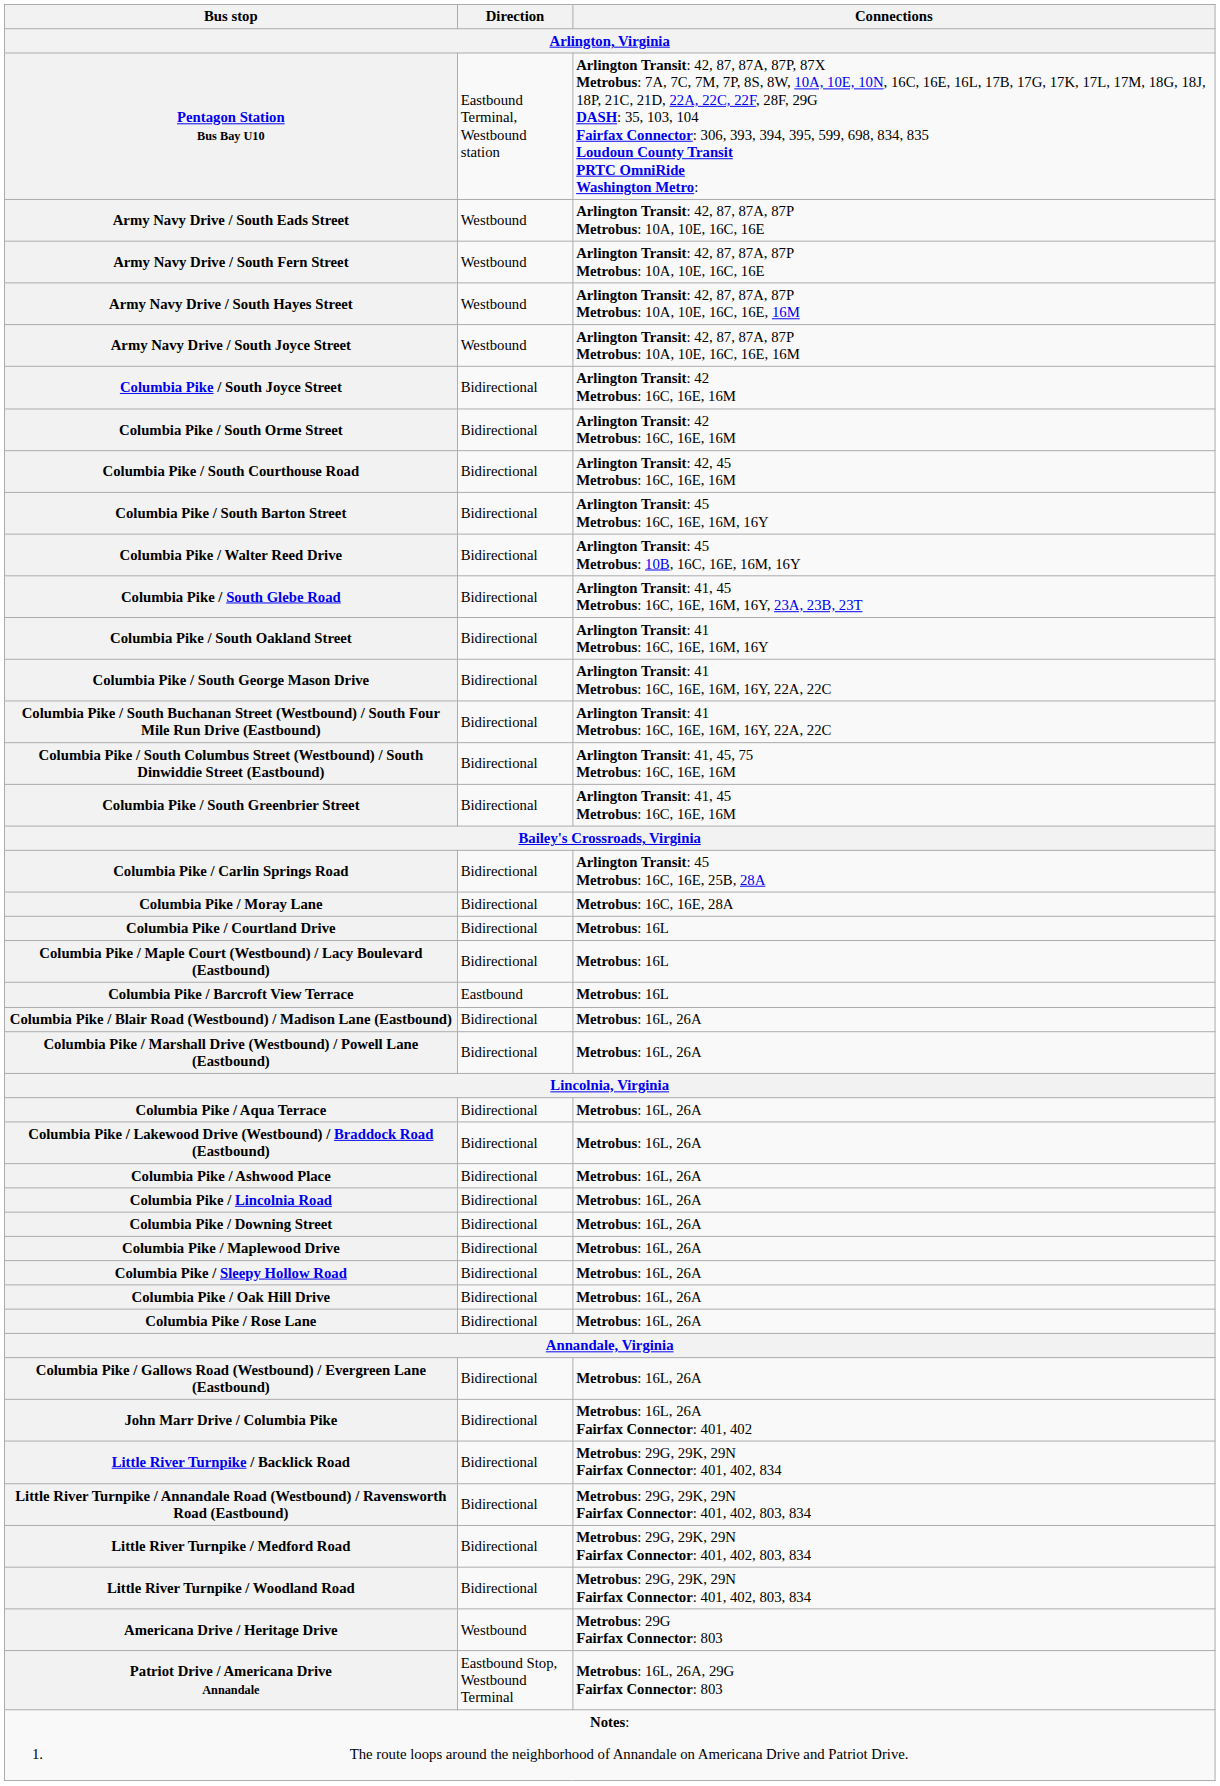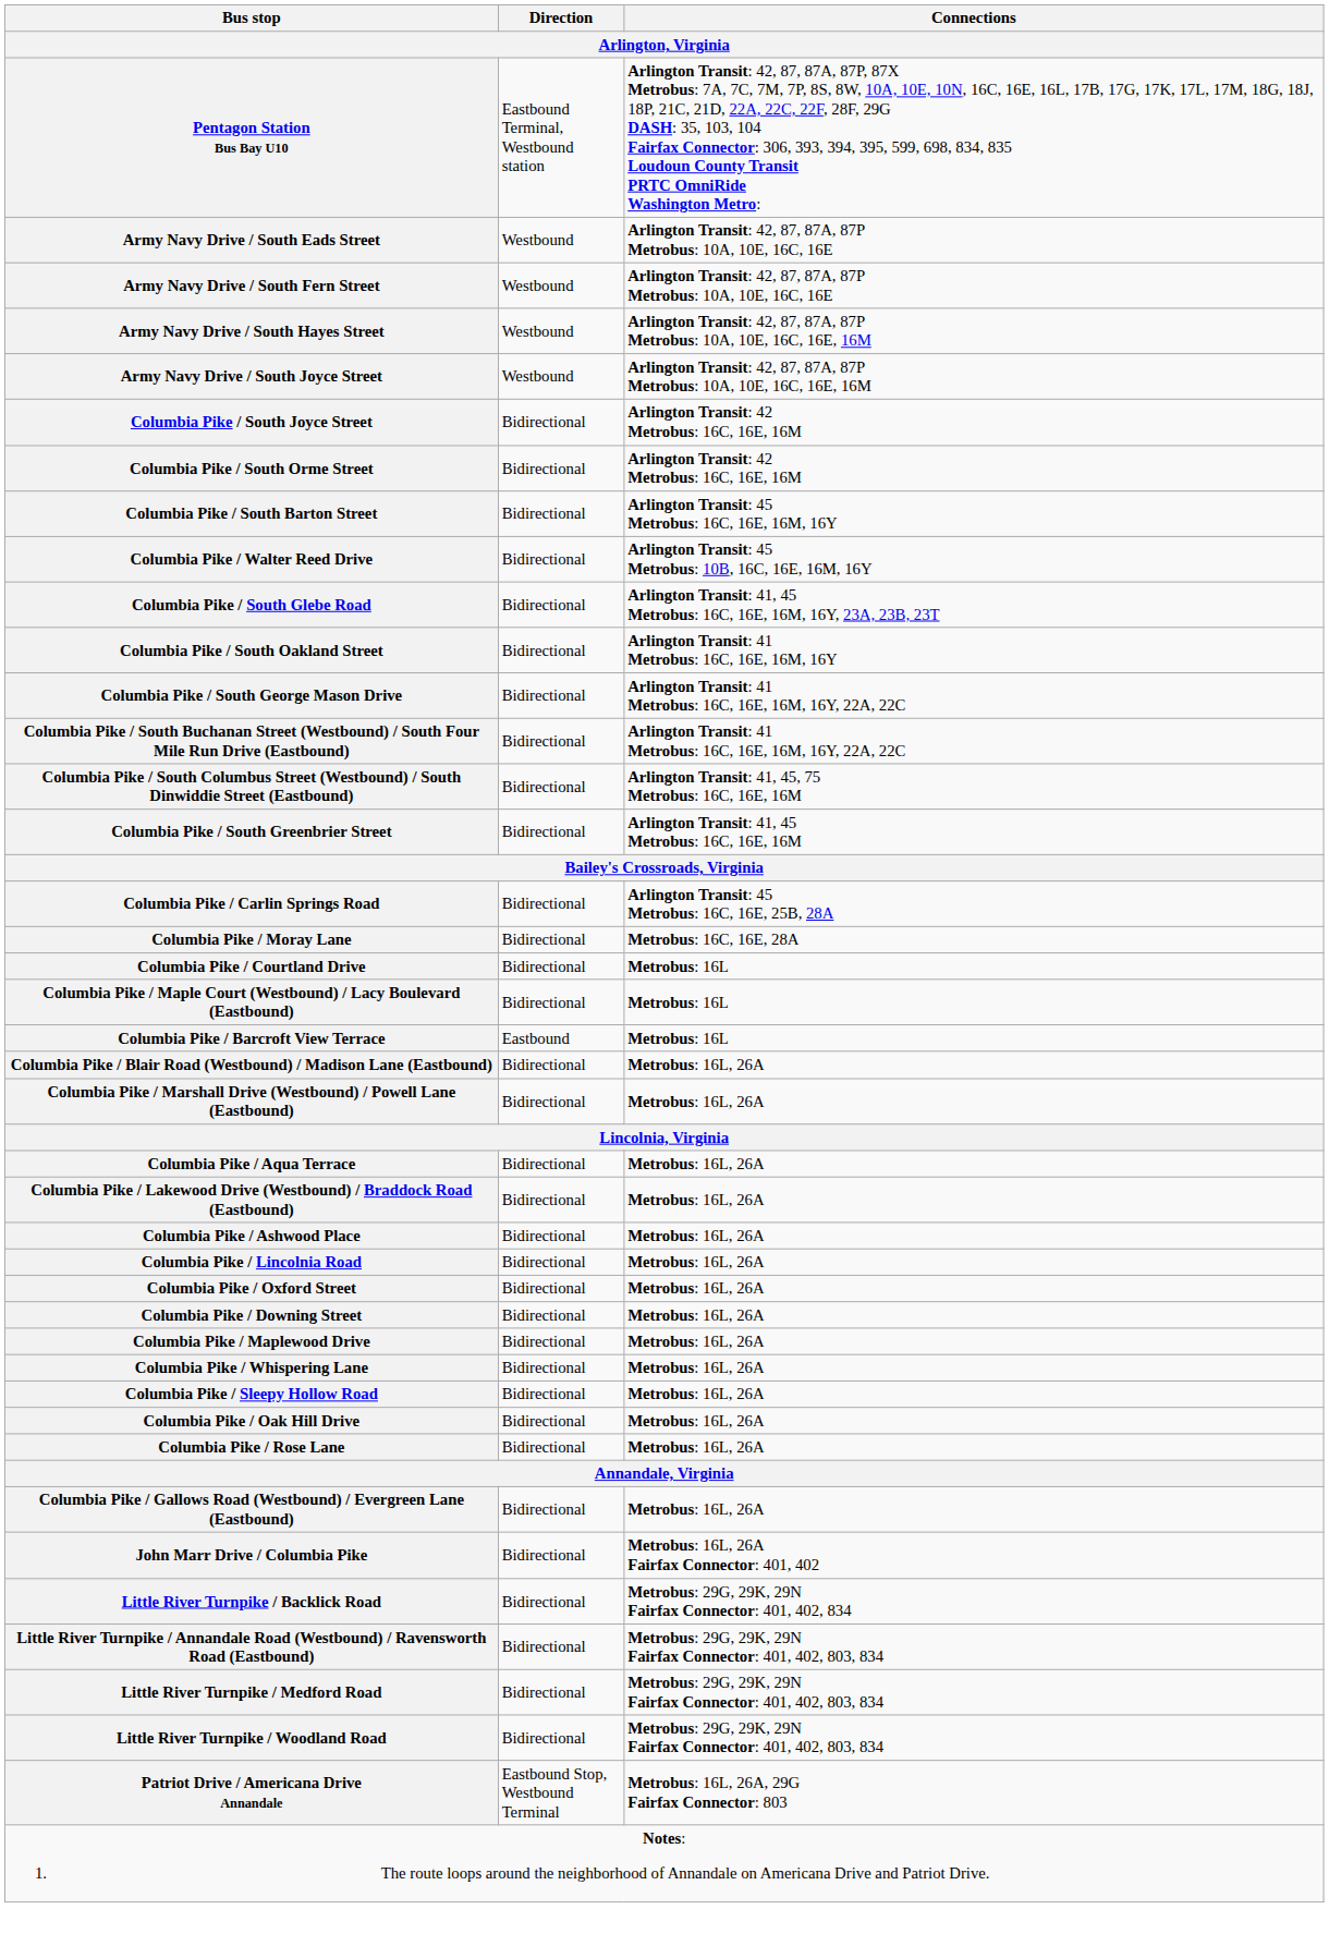 <table class="wikitable collapsible collapsed" style="font-size: 95%;">
 <tr>
 <th>Bus stop</th>
 <th>Direction</th>
 <th>Connections</th>
 </tr>
 <tr>
 <th colspan="3"><a href='#'>Arlington, Virginia</a></th>
 </tr>
 <tr>
 <th><a href='#'>Pentagon Station</a><br><small>Bus Bay U10</small></th>
 <td>Eastbound Terminal,<br> Westbound station</td>
 <td> <strong>Arlington Transit</strong>: 42, 87, 87A, 87P, 87X<br> <strong>Metrobus</strong>: 7A, 7C, 7M, 7P, 8S, 8W, <a href='#'>10A, 10E, 10N</a>, 16C, 16E, 16L, 17B, 17G, 17K, 17L, 17M, 18G, 18J, 18P, 21C, 21D, <a href='#'>22A, 22C, 22F</a>, 28F, 29G<br> <strong><a href='#'>DASH</a></strong>: 35, 103, 104<br> <strong><a href='#'>Fairfax Connector</a></strong>: 306, 393, 394, 395, 599, 698, 834, 835<br> <strong><a href='#'>Loudoun County Transit</a></strong><br> <strong><a href='#'>PRTC OmniRide</a></strong><br> <strong><a href='#'>Washington Metro</a></strong>:  </td>
 </tr>
 <tr>
 <th>Army Navy Drive / South Eads Street</th>
 <td>Westbound</td>
 <td> <strong>Arlington Transit</strong>: 42, 87, 87A, 87P<br> <strong>Metrobus</strong>: 10A, 10E, 16C, 16E</td>
 </tr>
 <tr>
 <th>Army Navy Drive / South Fern Street</th>
 <td>Westbound</td>
 <td> <strong>Arlington Transit</strong>: 42, 87, 87A, 87P<br> <strong>Metrobus</strong>: 10A, 10E, 16C, 16E</td>
 </tr>
 <tr>
 <th>Army Navy Drive / South Hayes Street</th>
 <td>Westbound</td>
 <td> <strong>Arlington Transit</strong>: 42, 87, 87A, 87P<br> <strong>Metrobus</strong>: 10A, 10E, 16C, 16E, <a href='#'>16M</a></td>
 </tr>
 <tr>
 <th>Army Navy Drive / South Joyce Street</th>
 <td>Westbound</td>
 <td> <strong>Arlington Transit</strong>: 42, 87, 87A, 87P<br> <strong>Metrobus</strong>: 10A, 10E, 16C, 16E, 16M</td>
 </tr>
 <tr>
 <th><a href='#'>Columbia Pike</a> / South Joyce Street</th>
 <td>Bidirectional</td>
 <td> <strong>Arlington Transit</strong>: 42<br> <strong>Metrobus</strong>: 16C, 16E, 16M</td>
 </tr>
 <tr>
 <th>Columbia Pike / South Orme Street</th>
 <td>Bidirectional</td>
 <td> <strong>Arlington Transit</strong>: 42<br> <strong>Metrobus</strong>: 16C, 16E, 16M</td>
-</tr>
-<tr>
-<th>Columbia Pike / South Courthouse Road</th>
-<td>Bidirectional</td>
-<td> <strong>Arlington Transit</strong>: 42, 45<br> <strong>Metrobus</strong>: 16C, 16E, 16M</td>
 </tr>
 <tr>
 <th>Columbia Pike / South Barton Street</th>
 <td>Bidirectional</td>
 <td> <strong>Arlington Transit</strong>: 45<br> <strong>Metrobus</strong>: 16C, 16E, 16M, 16Y</td>
 </tr>
 <tr>
 <th>Columbia Pike / Walter Reed Drive</th>
 <td>Bidirectional</td>
 <td> <strong>Arlington Transit</strong>: 45<br> <strong>Metrobus</strong>: <a href='#'>10B</a>, 16C, 16E, 16M, 16Y</td>
 </tr>
 <tr>
 <th>Columbia Pike / <a href='#'>South Glebe Road</a></th>
 <td>Bidirectional</td>
 <td> <strong>Arlington Transit</strong>: 41, 45<br> <strong>Metrobus</strong>: 16C, 16E, 16M, 16Y, <a href='#'>23A, 23B, 23T</a></td>
 </tr>
 <tr>
 <th>Columbia Pike / South Oakland Street</th>
 <td>Bidirectional</td>
 <td> <strong>Arlington Transit</strong>: 41<br> <strong>Metrobus</strong>: 16C, 16E, 16M, 16Y</td>
 </tr>
 <tr>
 <th>Columbia Pike / South George Mason Drive</th>
 <td>Bidirectional</td>
 <td> <strong>Arlington Transit</strong>: 41<br> <strong>Metrobus</strong>: 16C, 16E, 16M, 16Y, 22A, 22C</td>
 </tr>
 <tr>
 <th>Columbia Pike / South Buchanan Street (Westbound) / South Four Mile Run Drive (Eastbound)</th>
 <td>Bidirectional</td>
 <td> <strong>Arlington Transit</strong>: 41<br> <strong>Metrobus</strong>: 16C, 16E, 16M, 16Y, 22A, 22C</td>
 </tr>
 <tr>
 <th>Columbia Pike / South Columbus Street (Westbound) / South Dinwiddie Street (Eastbound)</th>
 <td>Bidirectional</td>
 <td> <strong>Arlington Transit</strong>: 41, 45, 75<br> <strong>Metrobus</strong>: 16C, 16E, 16M</td>
 </tr>
 <tr>
 <th>Columbia Pike / South Greenbrier Street</th>
 <td>Bidirectional</td>
 <td> <strong>Arlington Transit</strong>: 41, 45<br> <strong>Metrobus</strong>: 16C, 16E, 16M</td>
 </tr>
 <tr>
 <th colspan="3"><a href='#'>Bailey's Crossroads, Virginia</a></th>
 </tr>
 <tr>
 <th>Columbia Pike / Carlin Springs Road</th>
 <td>Bidirectional</td>
 <td> <strong>Arlington Transit</strong>: 45<br> <strong>Metrobus</strong>: 16C, 16E, 25B, <a href='#'>28A</a></td>
 </tr>
 <tr>
 <th>Columbia Pike / Moray Lane</th>
 <td>Bidirectional</td>
 <td> <strong>Metrobus</strong>: 16C, 16E, 28A</td>
 </tr>
 <tr>
 <th>Columbia Pike / Courtland Drive</th>
 <td>Bidirectional</td>
 <td> <strong>Metrobus</strong>: 16L</td>
 </tr>
 <tr>
 <th>Columbia Pike / Maple Court (Westbound) / Lacy Boulevard (Eastbound)</th>
 <td>Bidirectional</td>
 <td> <strong>Metrobus</strong>: 16L</td>
 </tr>
 <tr>
 <th>Columbia Pike / Barcroft View Terrace</th>
 <td>Eastbound</td>
 <td> <strong>Metrobus</strong>: 16L</td>
 </tr>
 <tr>
 <th>Columbia Pike / Blair Road (Westbound) / Madison Lane (Eastbound)</th>
 <td>Bidirectional</td>
 <td> <strong>Metrobus</strong>: 16L, 26A</td>
 </tr>
 <tr>
 <th>Columbia Pike / Marshall Drive (Westbound) / Powell Lane (Eastbound)</th>
 <td>Bidirectional</td>
 <td> <strong>Metrobus</strong>: 16L, 26A</td>
 </tr>
 <tr>
 <th colspan="3"><a href='#'>Lincolnia, Virginia</a></th>
 </tr>
 <tr>
 <th>Columbia Pike / Aqua Terrace</th>
 <td>Bidirectional</td>
 <td> <strong>Metrobus</strong>: 16L, 26A</td>
 </tr>
 <tr>
 <th>Columbia Pike / Lakewood Drive (Westbound) / <a href='#'>Braddock Road</a> (Eastbound)</th>
 <td>Bidirectional</td>
 <td> <strong>Metrobus</strong>: 16L, 26A</td>
 </tr>
 <tr>
 <th>Columbia Pike / Ashwood Place</th>
 <td>Bidirectional</td>
 <td> <strong>Metrobus</strong>: 16L, 26A</td>
 </tr>
 <tr>
 <th>Columbia Pike / <a href='#'>Lincolnia Road</a></th>
 <td>Bidirectional</td>
 <td> <strong>Metrobus</strong>: 16L, 26A</td>
 </tr>
 <tr>
+<th>Columbia Pike / Oxford Street</th>
+<td>Bidirectional</td>
+<td> <strong>Metrobus</strong>: 16L, 26A</td>
+</tr>
+<tr>
 <th>Columbia Pike / Downing Street</th>
 <td>Bidirectional</td>
 <td> <strong>Metrobus</strong>: 16L, 26A</td>
 </tr>
 <tr>
 <th>Columbia Pike / Maplewood Drive</th>
+<td>Bidirectional</td>
+<td> <strong>Metrobus</strong>: 16L, 26A</td>
+</tr>
+<tr>
+<th>Columbia Pike / Whispering Lane</th>
 <td>Bidirectional</td>
 <td> <strong>Metrobus</strong>: 16L, 26A</td>
 </tr>
 <tr>
 <th>Columbia Pike / <a href='#'>Sleepy Hollow Road</a></th>
 <td>Bidirectional</td>
 <td> <strong>Metrobus</strong>: 16L, 26A</td>
 </tr>
 <tr>
 <th>Columbia Pike / Oak Hill Drive</th>
 <td>Bidirectional</td>
 <td> <strong>Metrobus</strong>: 16L, 26A</td>
 </tr>
 <tr>
 <th>Columbia Pike / Rose Lane</th>
 <td>Bidirectional</td>
 <td> <strong>Metrobus</strong>: 16L, 26A</td>
 </tr>
 <tr>
 <th colspan="3"><a href='#'>Annandale, Virginia</a></th>
 </tr>
 <tr>
 <th>Columbia Pike / Gallows Road (Westbound) / Evergreen Lane (Eastbound)</th>
 <td>Bidirectional</td>
 <td> <strong>Metrobus</strong>: 16L, 26A</td>
 </tr>
 <tr>
 <th>John Marr Drive / Columbia Pike</th>
 <td>Bidirectional</td>
 <td> <strong>Metrobus</strong>: 16L, 26A<br> <strong>Fairfax Connector</strong>: 401, 402</td>
 </tr>
 <tr>
 <th><a href='#'>Little River Turnpike</a> / Backlick Road</th>
 <td>Bidirectional</td>
 <td> <strong>Metrobus</strong>: 29G, 29K, 29N<br> <strong>Fairfax Connector</strong>: 401, 402, 834</td>
 </tr>
 <tr>
 <th>Little River Turnpike / Annandale Road (Westbound) / Ravensworth Road (Eastbound)</th>
 <td>Bidirectional</td>
 <td> <strong>Metrobus</strong>: 29G, 29K, 29N<br> <strong>Fairfax Connector</strong>: 401, 402, 803, 834</td>
 </tr>
 <tr>
 <th>Little River Turnpike / Medford Road</th>
 <td>Bidirectional</td>
 <td> <strong>Metrobus</strong>: 29G, 29K, 29N<br> <strong>Fairfax Connector</strong>: 401, 402, 803, 834</td>
 </tr>
 <tr>
 <th>Little River Turnpike / Woodland Road</th>
 <td>Bidirectional</td>
 <td> <strong>Metrobus</strong>: 29G, 29K, 29N<br> <strong>Fairfax Connector</strong>: 401, 402, 803, 834</td>
 </tr>
 <tr>
-<th>Americana Drive / Heritage Drive</th>
-<td>Westbound</td>
-<td> <strong>Metrobus</strong>: 29G<br> <strong>Fairfax Connector</strong>: 803</td>
-</tr>
-<tr>
 <th>Patriot Drive / Americana Drive<br><small>Annandale</small></th>
 <td>Eastbound Stop,<br> Westbound Terminal</td>
 <td> <strong>Metrobus</strong>: 16L, 26A, 29G<br> <strong>Fairfax Connector</strong>: 803</td>
 </tr>
 <tr>
 <td colspan="3" style="text-align:center;"><strong>Notes</strong>:<br><ol><li>The route loops around the neighborhood of Annandale on Americana Drive and Patriot Drive.</li></ol></td>
 </tr>
 </table>
